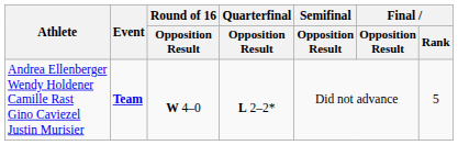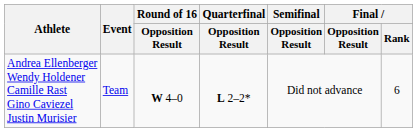 <table class=wikitable style=font-size:90%>
 <tr>
 <th rowspan=2>Athlete</th>
 <th rowspan=2>Event</th>
 <th>Round of 16</th>
 <th>Quarterfinal</th>
 <th>Semifinal</th>
 <th colspan=2>Final / </th>
 </tr>
 <tr style=font-size:95%>
 <th>Opposition<br>Result</th>
 <th>Opposition<br>Result</th>
 <th>Opposition<br>Result</th>
 <th>Opposition<br>Result</th>
 <th>Rank</th>
 </tr>
 <tr align=center>
 <td align=left><a href='#'>Andrea Ellenberger</a><br><a href='#'>Wendy Holdener</a><br><a href='#'>Camille Rast</a><br><a href='#'>Gino Caviezel</a><br><a href='#'>Justin Murisier</a></td>
-<td align=left><strong><a href='#'>Team</a></strong></td>
+<td align=left><a href='#'>Team</a></td>
 <td><br><strong>W</strong> 4–0</td>
 <td><br><strong>L</strong> 2–2*</td>
 <td colspan=2>Did not advance</td>
-<td>5</td>
+<td>6</td>
 </tr>
 </table>
